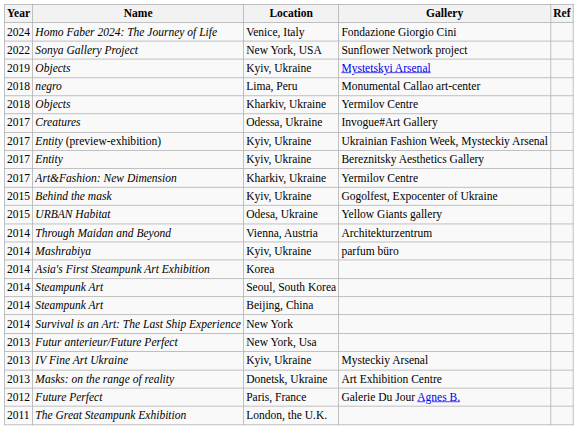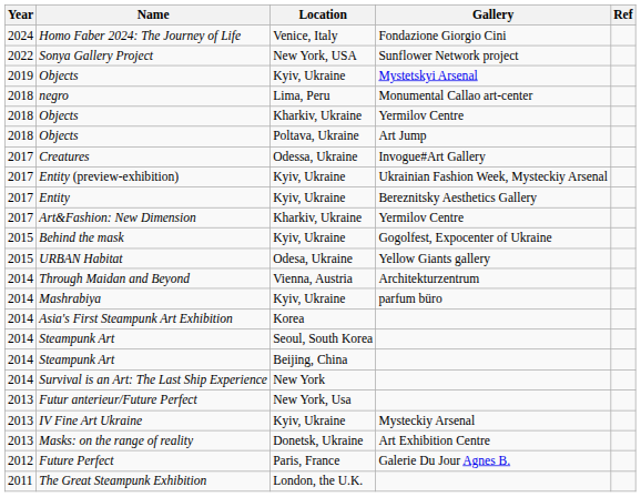 <table class="wikitable sortable">
 <tr>
 <th>Year</th>
 <th>Name</th>
 <th>Location</th>
 <th>Gallery</th>
 <th>Ref</th>
 </tr>
 <tr>
 <td>2024</td>
 <td><em>Homo Faber 2024: The Journey of Life</em></td>
 <td> Venice, Italy</td>
 <td>Fondazione Giorgio Cini</td>
 <td></td>
 </tr>
 <tr>
 <td>2022</td>
 <td><em>Sonya Gallery Project</em></td>
 <td> New York, USA</td>
 <td>Sunflower Network project</td>
 <td></td>
 </tr>
 <tr>
 <td>2019</td>
 <td><em>Objects</em></td>
 <td> Kyiv, Ukraine</td>
 <td><a href='#'>Mystetskyi Arsenal</a></td>
 <td></td>
 </tr>
 <tr>
 <td>2018</td>
 <td><em>negro</em></td>
 <td> Lima, Peru</td>
 <td>Monumental Callao art-center</td>
 <td></td>
 </tr>
 <tr>
 <td>2018</td>
 <td><em>Objects</em></td>
 <td> Kharkiv, Ukraine</td>
 <td>Yermilov Centre</td>
+<td></td>
+</tr>
+<tr>
+<td>2018</td>
+<td><em>Objects</em></td>
+<td> Poltava, Ukraine</td>
+<td>Art Jump</td>
 <td></td>
 </tr>
 <tr>
 <td>2017</td>
 <td><em>Creatures</em></td>
 <td> Odessa, Ukraine</td>
 <td>Invogue#Art Gallery</td>
 <td></td>
 </tr>
 <tr>
 <td>2017</td>
 <td><em>Entity</em> (preview-exhibition)</td>
 <td> Kyiv, Ukraine</td>
 <td>Ukrainian Fashion Week, Mysteckiy Arsenal</td>
 <td></td>
 </tr>
 <tr>
 <td>2017</td>
 <td><em>Entity</em></td>
 <td> Kyiv, Ukraine</td>
 <td>Bereznitsky Aesthetics Gallery</td>
 <td></td>
 </tr>
 <tr>
 <td>2017</td>
 <td><em>Art&Fashion: New Dimension</em></td>
 <td> Kharkiv, Ukraine</td>
 <td>Yermilov Centre</td>
 <td></td>
 </tr>
 <tr>
 <td>2015</td>
 <td><em>Behind the mask</em></td>
 <td> Kyiv, Ukraine</td>
 <td>Gogolfest, Expocenter of Ukraine</td>
 <td></td>
 </tr>
 <tr>
 <td>2015</td>
 <td><em>URBAN Habitat</em></td>
 <td> Odesa, Ukraine</td>
 <td>Yellow Giants gallery</td>
 <td></td>
 </tr>
 <tr>
 <td>2014</td>
 <td><em>Through Maidan and Beyond</em></td>
 <td>  Vienna, Austria</td>
 <td>Architekturzentrum</td>
 <td></td>
 </tr>
 <tr>
 <td>2014</td>
 <td><em>Mashrabiya</em></td>
 <td> Kyiv, Ukraine</td>
 <td>parfum büro</td>
 <td></td>
 </tr>
 <tr>
 <td>2014</td>
 <td><em>Asia's First Steampunk Art Exhibition</em></td>
 <td> Korea</td>
 <td></td>
 <td></td>
 </tr>
 <tr>
 <td>2014</td>
 <td><em>Steampunk Art</em></td>
 <td> Seoul, South Korea</td>
 <td></td>
 <td></td>
 </tr>
 <tr>
 <td>2014</td>
 <td><em>Steampunk Art</em></td>
 <td> Beijing, China</td>
 <td></td>
 <td></td>
 </tr>
 <tr>
 <td>2014</td>
 <td><em>Survival is an Art: The Last Ship Experience</em></td>
 <td> New York</td>
 <td></td>
 <td></td>
 </tr>
 <tr>
 <td>2013</td>
 <td><em>Futur anterieur/Future Perfect</em></td>
 <td> New York, Usa</td>
 <td></td>
 <td></td>
 </tr>
 <tr>
 <td>2013</td>
 <td><em>IV Fine Art Ukraine</em></td>
 <td> Kyiv, Ukraine</td>
 <td>Mysteckiy Arsenal</td>
 <td></td>
 </tr>
 <tr>
 <td>2013</td>
 <td><em>Masks: on the range of reality</em></td>
 <td> Donetsk, Ukraine</td>
 <td>Art Exhibition Centre</td>
 <td></td>
 </tr>
 <tr>
 <td>2012</td>
 <td><em>Future Perfect</em></td>
 <td> Paris, France</td>
 <td>Galerie Du Jour <a href='#'>Agnes B.</a></td>
 <td></td>
 </tr>
 <tr>
 <td>2011</td>
 <td><em>The Great Steampunk Exhibition</em></td>
 <td> London, the U.K.</td>
 <td></td>
 <td></td>
 </tr>
 </table>
